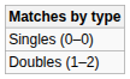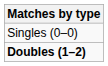 <table class=wikitable>
 <tr>
 <th>Matches by type</th>
 </tr>
 <tr>
 <td>Singles (0–0)</td>
 </tr>
 <tr>
-<td>Doubles (1–2)</td>
+<td><strong>Doubles (1–2)</strong></td>
 </tr>
 </table>
